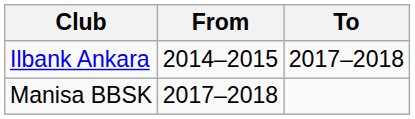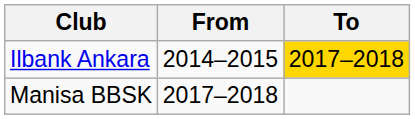 <table class="wikitable">
 <tr>
 <th>Club</th>
 <th>From</th>
 <th>To</th>
 </tr>
 <tr>
 <td> <a href='#'>Ilbank Ankara</a></td>
 <td>2014–2015</td>
-<td>2017–2018</td>
+<td style="background: gold;">2017–2018</td>
 </tr>
 <tr>
 <td> Manisa BBSK</td>
 <td>2017–2018</td>
 </tr>
 </table>
